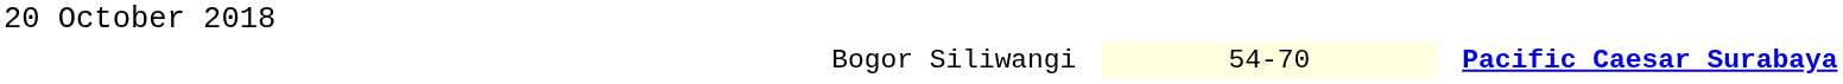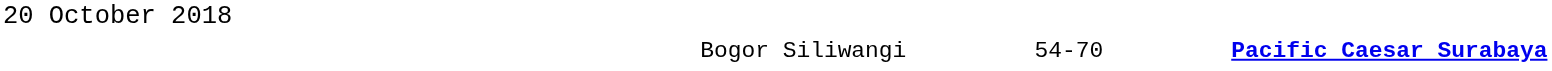 <table cellspacing="1" style="width:100%;">
 <tr>
 <td>20 October 2018</td>
 </tr>
 <tr style="font-size:90%">
 <td align="right">Bogor Siliwangi</td>
 <td></td>
-<td align="center" style="background: lightyellow;">54-70</td>
+<td align="center">54-70</td>
 <td></td>
 <td><strong><a href='#'>Pacific Caesar Surabaya</a></strong></td>
 </tr>
 </table>
